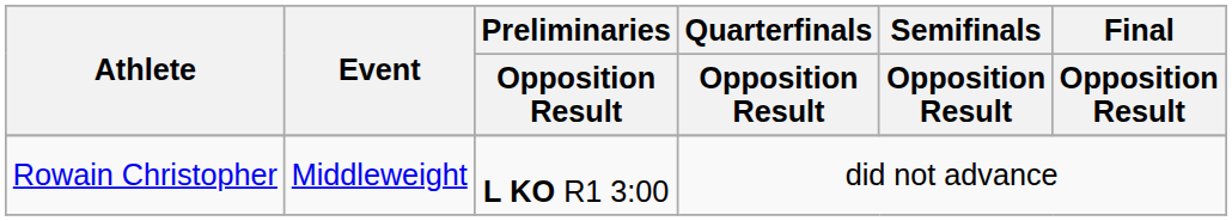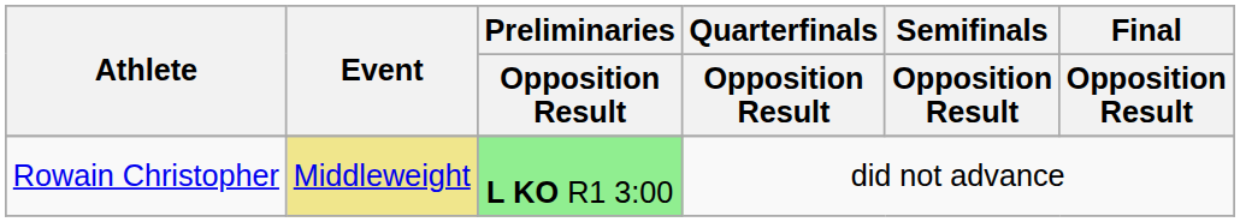 <table class="wikitable" border="1" style="font-size:90%">
 <tr>
 <th rowspan=2>Athlete</th>
 <th rowspan=2>Event</th>
 <th>Preliminaries</th>
 <th>Quarterfinals</th>
 <th>Semifinals</th>
 <th>Final</th>
 </tr>
 <tr>
 <th>Opposition<br>Result</th>
 <th>Opposition<br>Result</th>
 <th>Opposition<br>Result</th>
 <th>Opposition<br>Result</th>
 </tr>
 <tr>
 </tr>
 <tr>
 <td><a href='#'>Rowain Christopher</a></td>
-<td><a href='#'>Middleweight</a></td>
-<td align=center><br><strong>L</strong> <strong>KO</strong> R1 3:00</td>
+<td style="background: khaki;"><a href='#'>Middleweight</a></td>
+<td align=center style="background: lightgreen;"><br><strong>L</strong> <strong>KO</strong> R1 3:00</td>
 <td align=center colspan="7">did not advance</td>
 </tr>
 </table>
